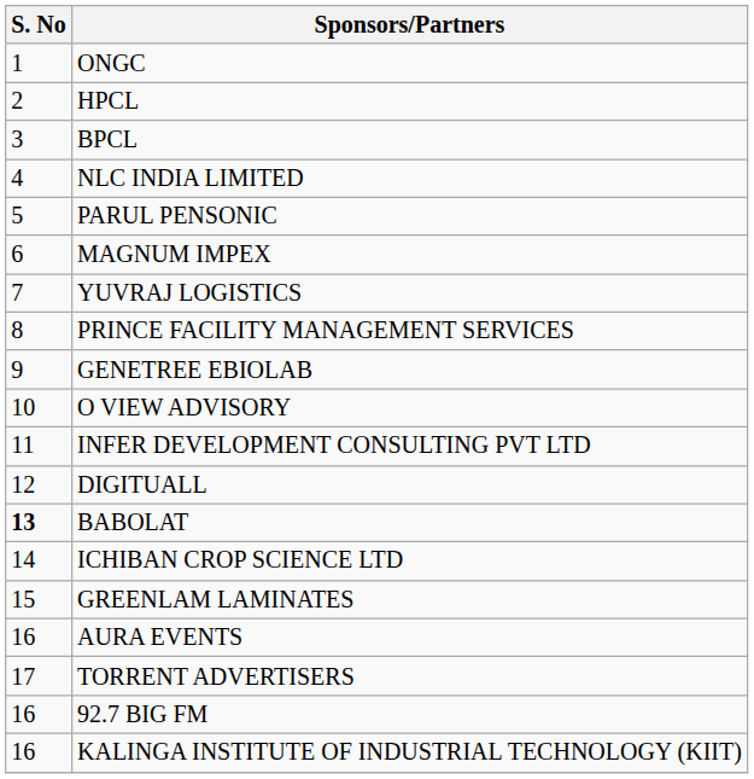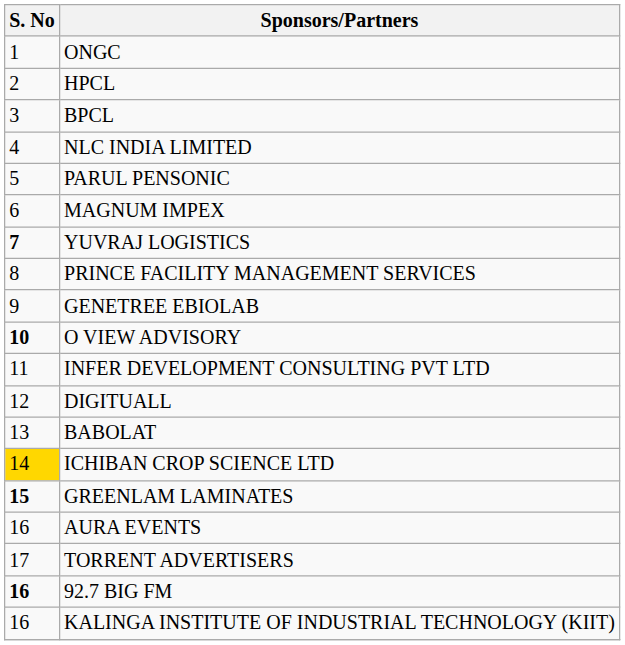 <table class="wikitable sortable">
 <tr>
 <th>S. No</th>
 <th>Sponsors/Partners</th>
 </tr>
 <tr>
 <td>1</td>
 <td>ONGC</td>
 </tr>
 <tr>
 <td>2</td>
 <td>HPCL</td>
 </tr>
 <tr>
 <td>3</td>
 <td>BPCL</td>
 </tr>
 <tr>
 <td>4</td>
 <td>NLC INDIA LIMITED</td>
 </tr>
 <tr>
 <td>5</td>
 <td>PARUL PENSONIC</td>
 </tr>
 <tr>
 <td>6</td>
 <td>MAGNUM IMPEX</td>
 </tr>
 <tr>
-<td>7</td>
+<td><strong>7</strong></td>
 <td>YUVRAJ LOGISTICS</td>
 </tr>
 <tr>
 <td>8</td>
 <td>PRINCE FACILITY MANAGEMENT SERVICES</td>
 </tr>
 <tr>
 <td>9</td>
 <td>GENETREE EBIOLAB</td>
 </tr>
 <tr>
-<td>10</td>
+<td><strong>10</strong></td>
 <td>O VIEW ADVISORY</td>
 </tr>
 <tr>
 <td>11</td>
 <td>INFER DEVELOPMENT CONSULTING PVT LTD</td>
 </tr>
 <tr>
 <td>12</td>
 <td>DIGITUALL</td>
 </tr>
 <tr>
-<td><strong>13</strong></td>
+<td>13</td>
 <td>BABOLAT</td>
 </tr>
 <tr>
-<td>14</td>
+<td style="background: gold;">14</td>
 <td>ICHIBAN CROP SCIENCE LTD</td>
 </tr>
 <tr>
-<td>15</td>
+<td><strong>15</strong></td>
 <td>GREENLAM LAMINATES</td>
 </tr>
 <tr>
 <td>16</td>
 <td>AURA EVENTS</td>
 </tr>
 <tr>
 <td>17</td>
 <td>TORRENT ADVERTISERS</td>
 </tr>
 <tr>
-<td>16</td>
+<td><strong>16</strong></td>
 <td>92.7 BIG FM</td>
 </tr>
 <tr>
 <td>16</td>
 <td>KALINGA INSTITUTE OF INDUSTRIAL TECHNOLOGY (KIIT)</td>
 </tr>
 <tr>
 </tr>
 </table>
